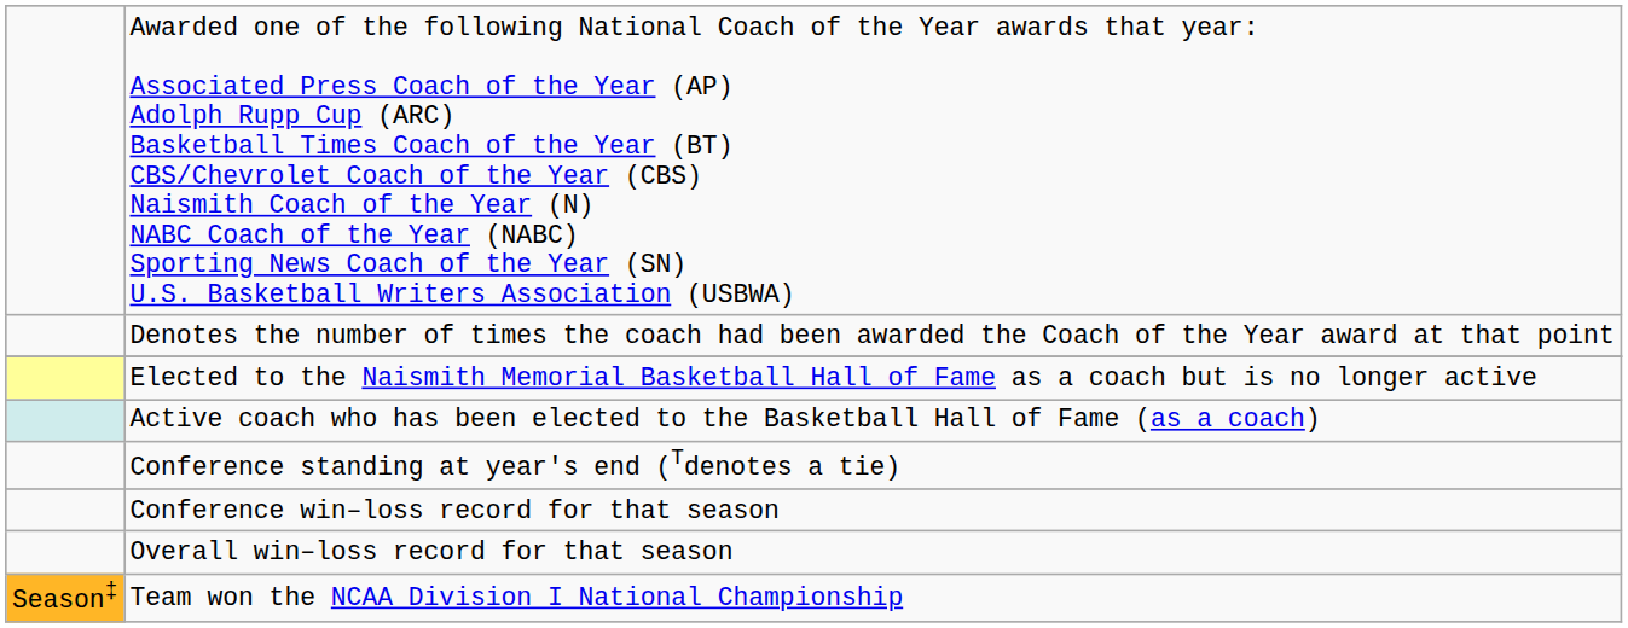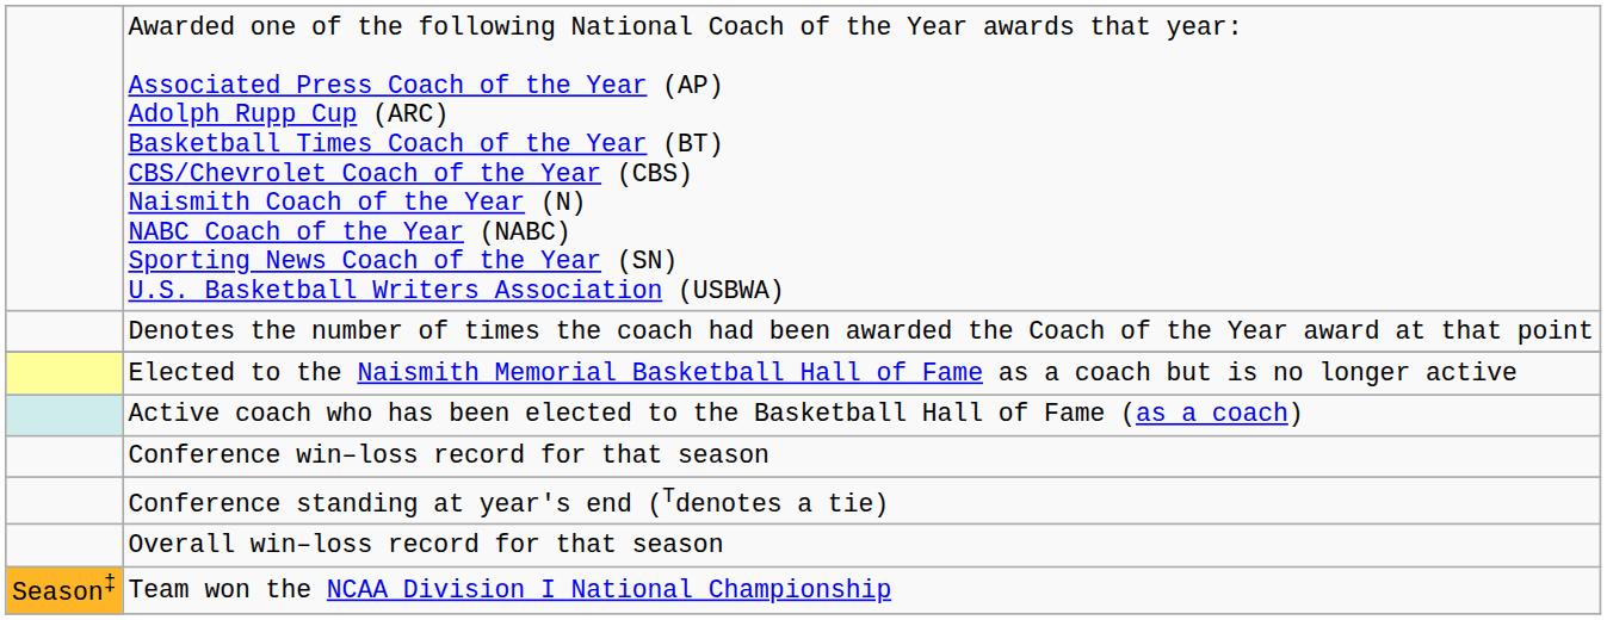 <table class="wikitable">
 <tr>
 <td></td>
 <td>Awarded one of the following National Coach of the Year awards that year:<br><br><a href='#'>Associated Press Coach of the Year</a> (AP)<br> <a href='#'>Adolph Rupp Cup</a> (ARC)<br> <a href='#'>Basketball Times Coach of the Year</a> (BT)<br> <a href='#'>CBS/Chevrolet Coach of the Year</a> (CBS)<br> <a href='#'>Naismith Coach of the Year</a> (N)<br> <a href='#'>NABC Coach of the Year</a> (NABC)<br> <a href='#'>Sporting News Coach of the Year</a> (SN)<br> <a href='#'>U.S. Basketball Writers Association</a> (USBWA)</td>
 </tr>
 <tr>
 <td></td>
 <td>Denotes the number of times the coach had been awarded the Coach of the Year award at that point</td>
 </tr>
 <tr>
 </tr>
 <tr>
 <td style="background-color:#FFFF99; width:3em"></td>
 <td>Elected to the <a href='#'>Naismith Memorial Basketball Hall of Fame</a> as a coach but is no longer active</td>
 </tr>
 <tr>
 <td style="background-color:#CFECEC; width:3em"></td>
 <td>Active coach who has been elected to the Basketball Hall of Fame (<a href='#'>as a coach</a>)</td>
 </tr>
 <tr>
 <td></td>
-<td>Conference standing at year's end (<sup>T</sup>denotes a tie)</td>
+<td>Conference win–loss record for that season</td>
 </tr>
 <tr>
 <td></td>
-<td>Conference win–loss record for that season</td>
+<td>Conference standing at year's end (<sup>T</sup>denotes a tie)</td>
 </tr>
 <tr>
 <td></td>
 <td>Overall win–loss record for that season</td>
 </tr>
 <tr>
 <td style="background-color:#ffb626; width:3em">Season<sup>‡</sup></td>
 <td>Team won the <a href='#'>NCAA Division I National Championship</a></td>
 </tr>
 </table>
